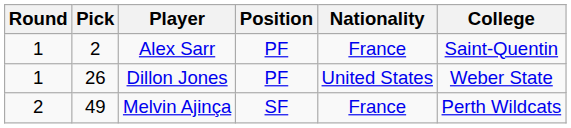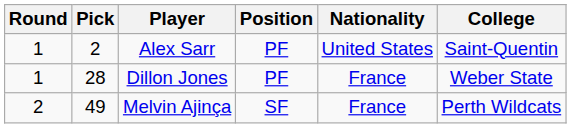 <table class="wikitable sortable sortable"ier>
 <tr>
 <th>Round</th>
 <th>Pick</th>
 <th>Player</th>
 <th>Position</th>
 <th>Nationality</th>
 <th>College</th>
 </tr>
 <tr style="text-align: center">
 <td>1</td>
 <td>2</td>
 <td><a href='#'>Alex Sarr</a></td>
 <td><a href='#'>PF</a></td>
-<td> <a href='#'>France</a></td>
+<td> <a href='#'>United States</a></td>
 <td><a href='#'>Saint-Quentin</a> </td>
 </tr>
 <tr style="text-align: center">
 <td>1</td>
-<td>26</td>
+<td>28</td>
 <td><a href='#'>Dillon Jones</a></td>
 <td><a href='#'>PF</a></td>
-<td> <a href='#'>United States</a></td>
+<td> <a href='#'>France</a></td>
 <td><a href='#'>Weber State</a></td>
 </tr>
 <tr style="text-align: center">
 <td>2</td>
 <td>49</td>
 <td><a href='#'>Melvin Ajinça</a></td>
 <td><a href='#'>SF</a></td>
 <td> <a href='#'>France</a></td>
 <td><a href='#'>Perth Wildcats</a> </td>
 </tr>
 </table>
